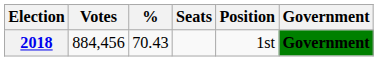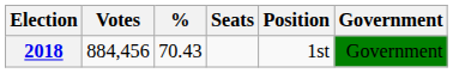 <table class="wikitable" style="text-align: right;">
 <tr>
 <th>Election</th>
 <th>Votes</th>
 <th>%</th>
 <th>Seats</th>
 <th>Position</th>
 <th>Government</th>
 </tr>
 <tr>
 <th rowspan=2><a href='#'>2018</a></th>
 <td rowspan=2>884,456</td>
 <td rowspan=2>70.43</td>
 <td></td>
 <td rowspan=2> 1st</td>
-<td style="background: green"><strong>Government</strong></td>
+<td style="background: green">Government</td>
 </tr>
 </table>
